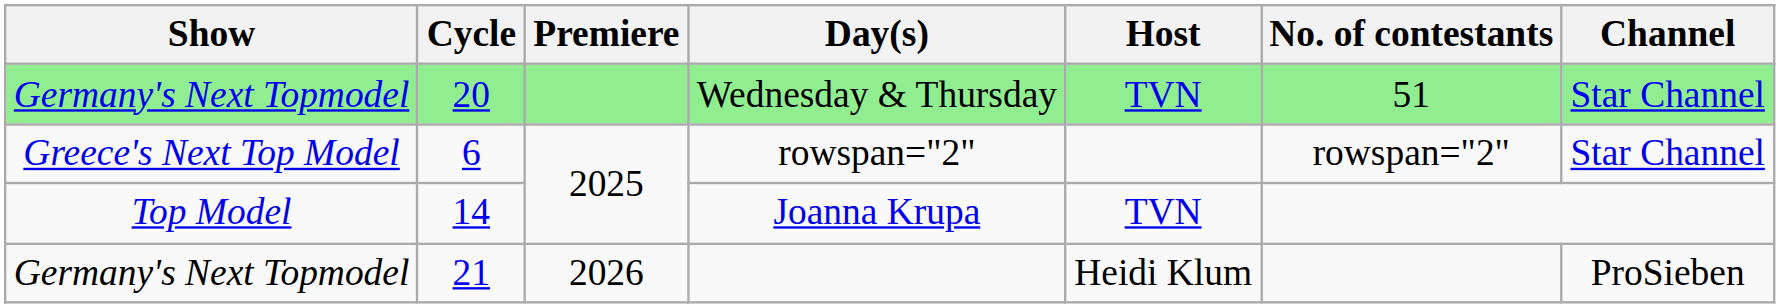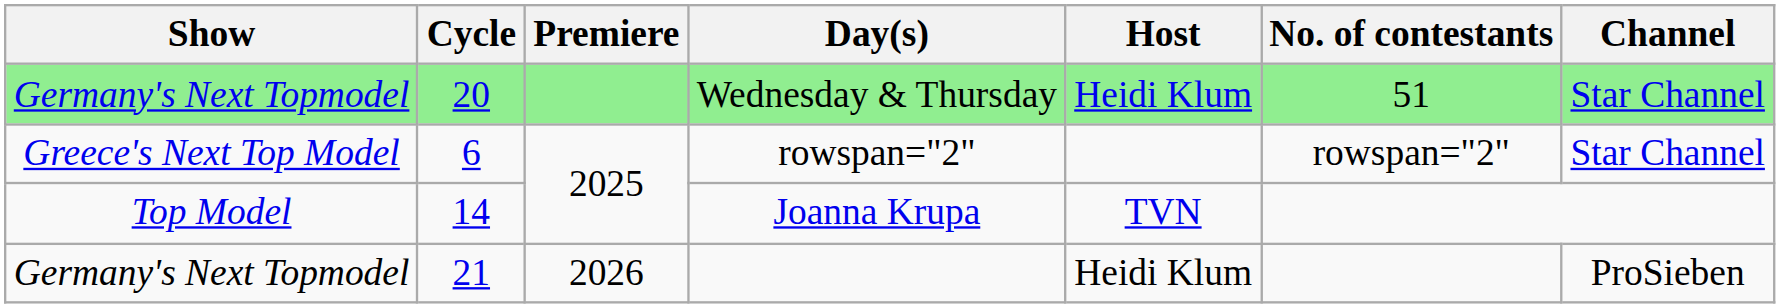 <table class="wikitable sortable" style="text-align:center">
 <tr>
 <th>Show</th>
 <th>Cycle</th>
 <th>Premiere</th>
 <th>Day(s)</th>
 <th>Host</th>
 <th>No. of contestants</th>
 <th>Channel</th>
 </tr>
 <tr bgcolor="lightgreen"|>
 <td><em><a href='#'>Germany's Next Topmodel</a></em></td>
 <td><a href='#'>20</a></td>
 <td></td>
 <td>Wednesday & Thursday</td>
-<td><a href='#'>TVN</a></td>
+<td><a href='#'>Heidi Klum</a></td>
 <td>51</td>
 <td><a href='#'>Star Channel</a></td>
 </tr>
 <tr>
 <td><em><a href='#'>Greece's Next Top Model</a></em></td>
 <td><a href='#'>6</a></td>
 <td rowspan="2">2025</td>
 <td>rowspan="2" </td>
 <td></td>
 <td>rowspan="2" </td>
 <td><a href='#'>Star Channel</a></td>
 </tr>
 <tr>
 <td><em><a href='#'>Top Model</a></em></td>
 <td><a href='#'>14</a></td>
 <td><a href='#'>Joanna Krupa</a></td>
 <td><a href='#'>TVN</a></td>
 </tr>
 <tr>
 <td><em>Germany's Next Topmodel</em></td>
 <td><a href='#'>21</a></td>
 <td>2026</td>
 <td></td>
 <td>Heidi Klum</td>
 <td></td>
 <td>ProSieben</td>
 </tr>
 </table>
